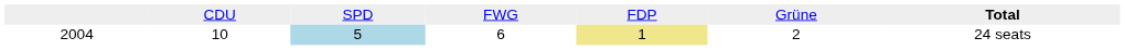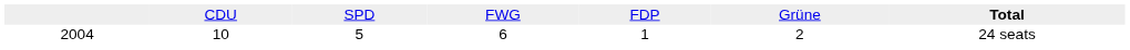 <table border="0" cellpadding="2" cellspacing="0" width="60%">
 <tr bgcolor="#eeeeee" align="center">
 <td></td>
 <td><a href='#'>CDU</a></td>
 <td><a href='#'>SPD</a></td>
 <td><a href='#'>FWG</a></td>
 <td><a href='#'>FDP</a></td>
 <td><a href='#'>Grüne</a></td>
 <td><strong>Total</strong></td>
 </tr>
 <tr align="center">
 <td>2004</td>
 <td>10</td>
-<td style="background: lightblue;">5</td>
+<td>5</td>
 <td>6</td>
-<td style="background: khaki;">1</td>
+<td>1</td>
 <td>2</td>
 <td>24 seats</td>
 </tr>
 </table>
